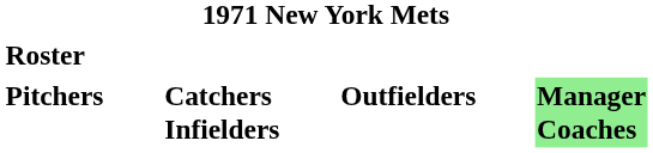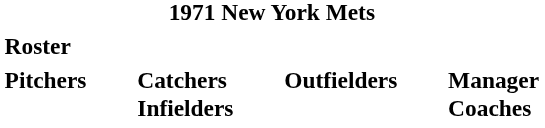 <table class="toccolours" style="font-size: 95%;">
 <tr>
 <th colspan="10">1971 New York Mets</th>
 </tr>
 <tr>
 <td colspan="10"><strong>Roster</strong></td>
 </tr>
 <tr>
 <td valign="top"><strong>Pitchers</strong><br>            </td>
 <td width="25px"></td>
 <td valign="top"><strong>Catchers</strong><br>   <strong>Infielders</strong>         </td>
 <td width="25px"></td>
 <td valign="top"><strong>Outfielders</strong><br>        </td>
 <td width="25px"></td>
-<td valign="top" style="background: lightgreen;"><strong>Manager</strong><br> <strong>Coaches</strong>    </td>
+<td valign="top"><strong>Manager</strong><br> <strong>Coaches</strong>    </td>
 </tr>
 </table>
